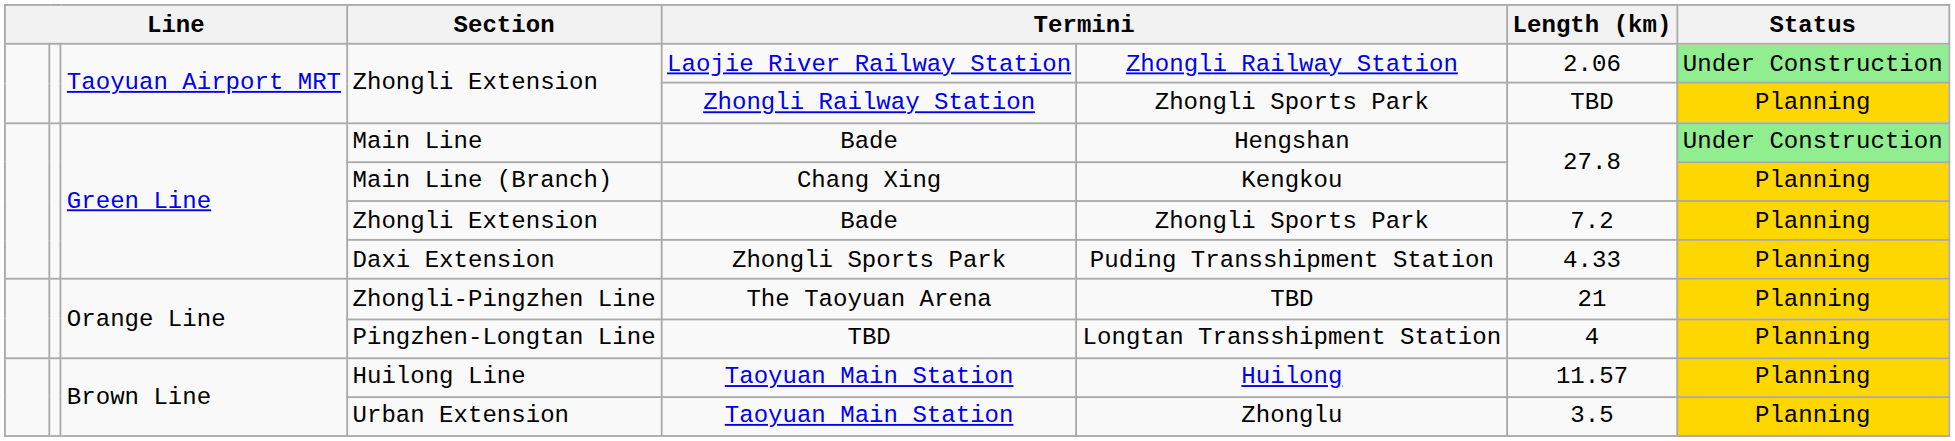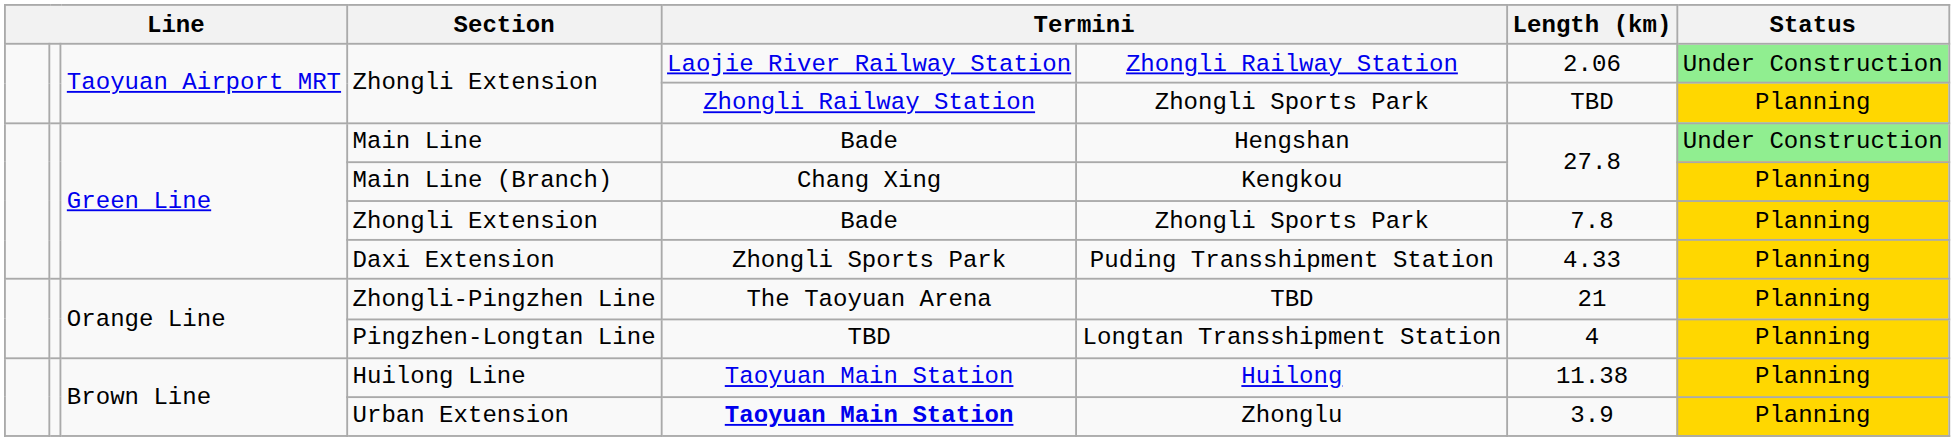 <table class="wikitable">
 <tr>
 <th colspan=3>Line</th>
 <th>Section</th>
 <th colspan="2">Termini</th>
 <th>Length (km)</th>
 <th>Status</th>
 </tr>
 <tr>
 <td rowspan="2" width="18"></td>
 <td rowspan="2"></td>
 <td rowspan="2"><a href='#'>Taoyuan Airport MRT</a></td>
 <td rowspan="2">Zhongli Extension</td>
 <td style="text-align: center;"><a href='#'>Laojie River Railway Station</a></td>
 <td style="text-align: center;"><a href='#'>Zhongli Railway Station</a></td>
 <td style="text-align: center;">2.06</td>
 <td bgcolor="lightgreen" style="text-align: center;">Under Construction</td>
 </tr>
 <tr>
 <td style="text-align: center;"><a href='#'>Zhongli Railway Station</a></td>
 <td style="text-align: center;">Zhongli Sports Park</td>
 <td style="text-align: center;">TBD</td>
 <td bgcolor="gold" style="text-align: center;">Planning</td>
 </tr>
 <tr>
 <td rowspan="4" width="18"></td>
 <td rowspan="4"></td>
 <td rowspan="4"><a href='#'>Green Line</a></td>
 <td>Main Line</td>
 <td style="text-align: center;">Bade</td>
 <td style="text-align: center;">Hengshan</td>
 <td rowspan="2" style="text-align: center;">27.8</td>
 <td bgcolor="lightgreen" style="text-align: center;">Under Construction</td>
 </tr>
 <tr>
 <td>Main Line (Branch)</td>
 <td style="text-align: center;">Chang Xing</td>
 <td style="text-align: center;">Kengkou</td>
 <td bgcolor="gold" style="text-align: center;">Planning</td>
 </tr>
 <tr>
 <td>Zhongli Extension</td>
 <td style="text-align: center;">Bade</td>
 <td style="text-align: center;">Zhongli Sports Park</td>
-<td style="text-align: center;">7.2</td>
+<td style="text-align: center;">7.8</td>
 <td bgcolor="gold" style="text-align: center;">Planning</td>
 </tr>
 <tr>
 <td>Daxi Extension</td>
 <td style="text-align: center;">Zhongli Sports Park</td>
 <td style="text-align: center;">Puding Transshipment Station</td>
 <td style="text-align: center;">4.33</td>
 <td bgcolor="gold" style="text-align: center;">Planning</td>
 </tr>
 <tr>
 <td rowspan="2" width="18"></td>
 <td rowspan="2"></td>
 <td rowspan="2">Orange Line</td>
 <td>Zhongli-Pingzhen Line</td>
 <td style="text-align: center;">The Taoyuan Arena</td>
 <td style="text-align: center;">TBD</td>
 <td style="text-align: center;">21</td>
 <td bgcolor="gold" style="text-align: center;">Planning</td>
 </tr>
 <tr>
 <td>Pingzhen-Longtan Line</td>
 <td style="text-align: center;">TBD</td>
 <td style="text-align: center;">Longtan Transshipment Station</td>
 <td style="text-align: center;">4</td>
 <td bgcolor="gold" style="text-align: center;">Planning</td>
 </tr>
 <tr>
 <td rowspan="2" width="18"></td>
 <td rowspan="2"></td>
 <td rowspan="2">Brown Line</td>
 <td>Huilong Line</td>
 <td style="text-align: center;"><a href='#'>Taoyuan Main Station</a></td>
 <td style="text-align: center;"><a href='#'>Huilong</a></td>
-<td style="text-align: center;">11.57</td>
+<td style="text-align: center;">11.38</td>
 <td bgcolor="gold" style="text-align: center;">Planning</td>
 </tr>
 <tr>
 <td>Urban Extension</td>
-<td style="text-align: center;"><a href='#'>Taoyuan Main Station</a></td>
+<td style="text-align: center;"><strong><a href='#'>Taoyuan Main Station</a></strong></td>
 <td style="text-align: center;">Zhonglu</td>
-<td style="text-align: center;">3.5</td>
+<td style="text-align: center;">3.9</td>
 <td bgcolor="gold" style="text-align: center;">Planning</td>
 </tr>
 </table>
